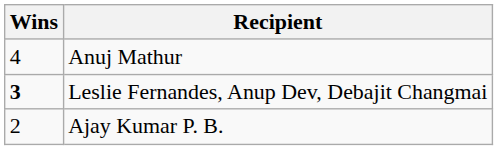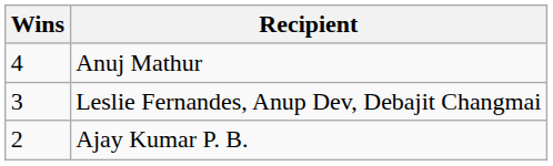 <table class="wikitable">
 <tr>
 <th>Wins</th>
 <th>Recipient</th>
 </tr>
 <tr>
 <td>4</td>
 <td>Anuj Mathur</td>
 </tr>
 <tr>
-<td><strong>3</strong></td>
+<td>3</td>
 <td>Leslie Fernandes, Anup Dev, Debajit Changmai</td>
 </tr>
 <tr>
 <td>2</td>
 <td>Ajay Kumar P. B.</td>
 </tr>
 </table>
